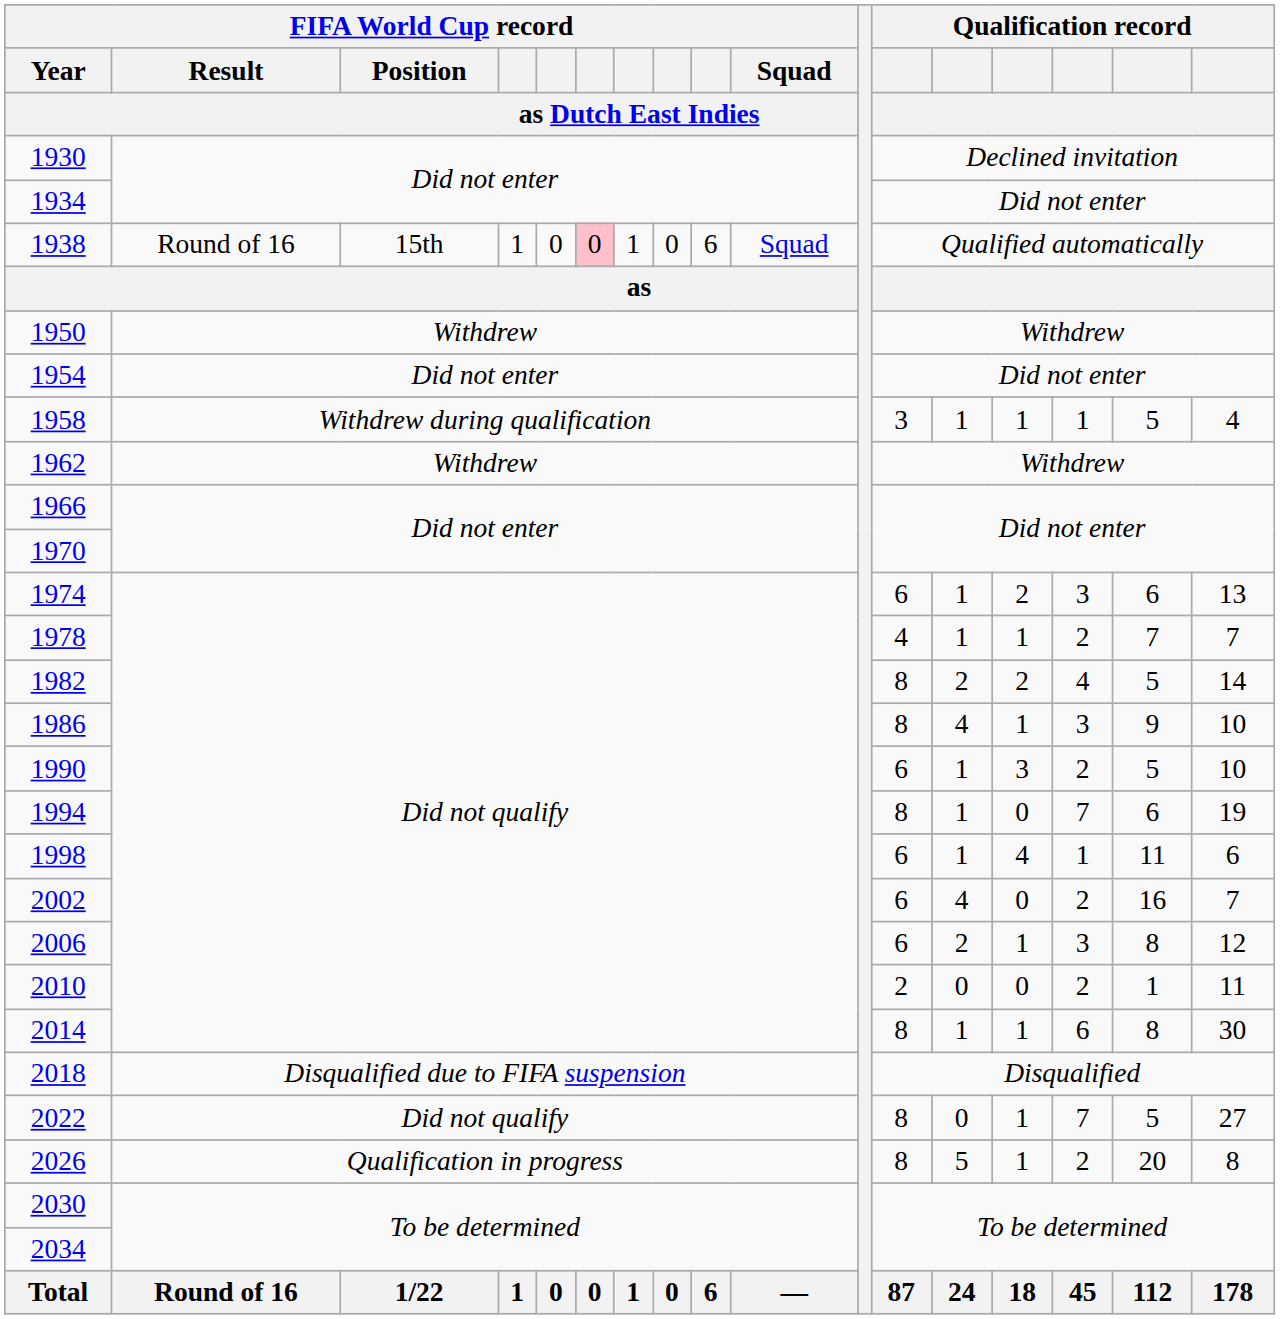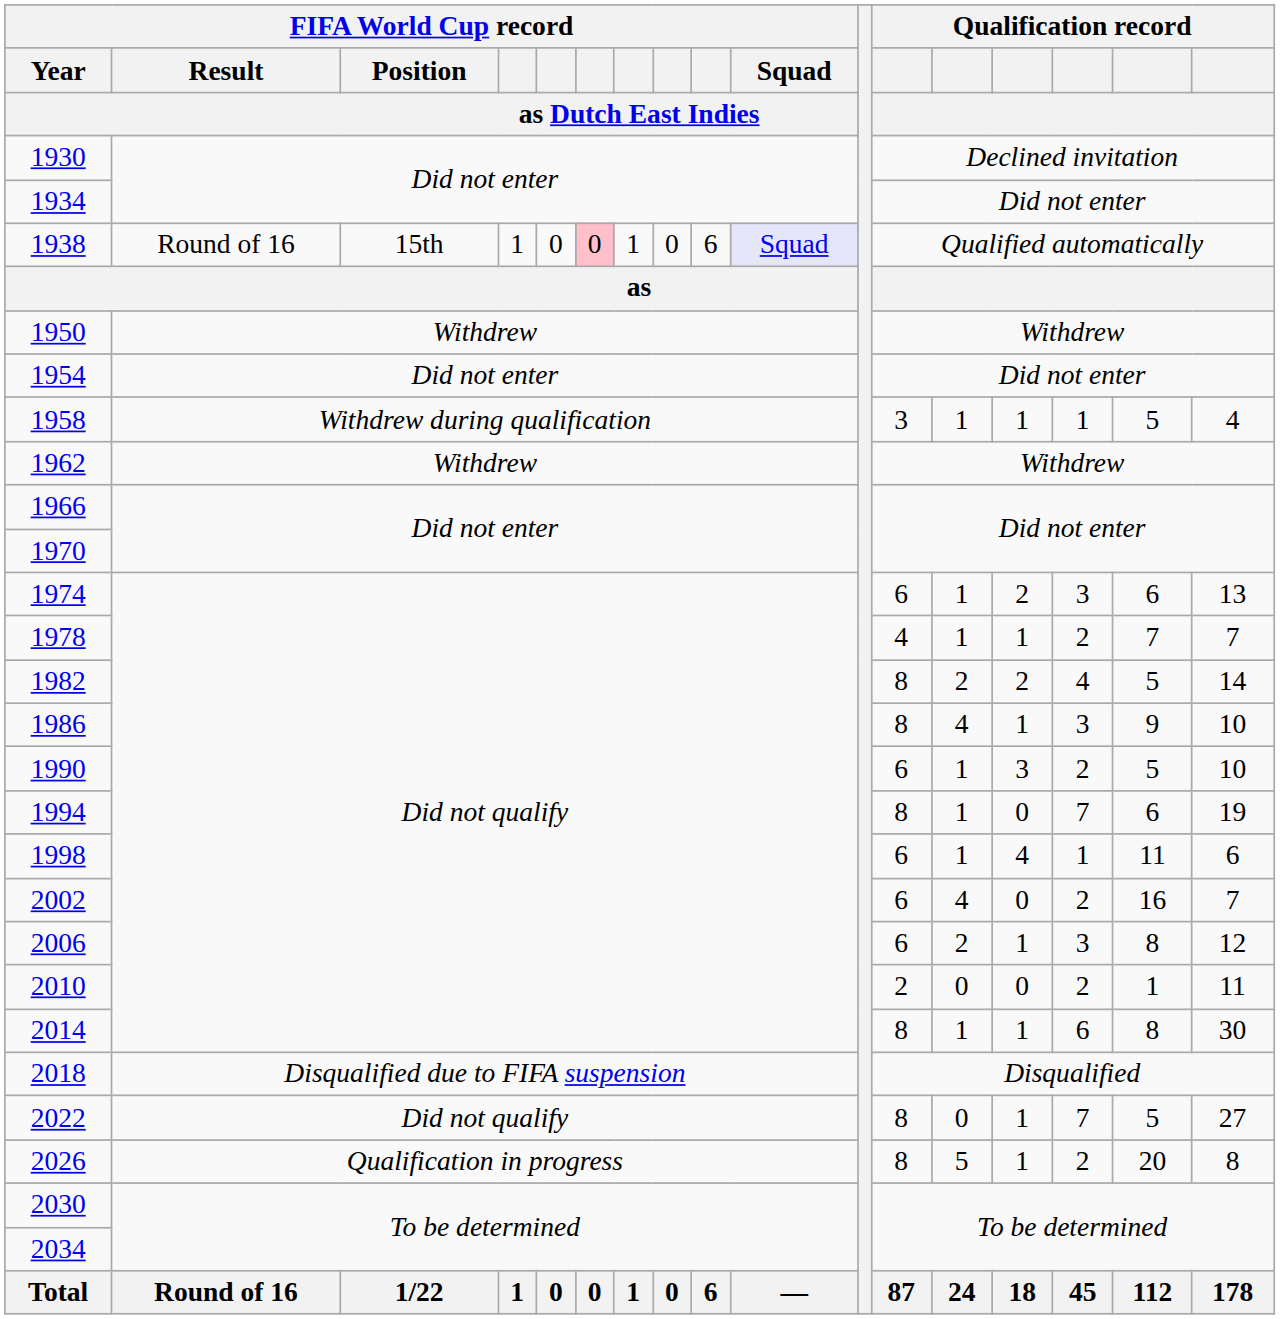 <table class="wikitable" style="text-align: center;">
 <tr>
 <th colspan=10><a href='#'>FIFA World Cup</a> record</th>
 <th style="width:1%;" rowspan=30></th>
 <th colspan=7>Qualification record</th>
 </tr>
 <tr>
 <th>Year</th>
 <th>Result</th>
 <th>Position</th>
 <th></th>
 <th></th>
 <th></th>
 <th></th>
 <th></th>
 <th></th>
 <th>Squad</th>
 <th></th>
 <th></th>
 <th></th>
 <th></th>
 <th></th>
 <th></th>
 </tr>
 <tr>
 <th colspan=17>as  <a href='#'>Dutch East Indies</a></th>
 </tr>
 <tr>
 <td> <a href='#'>1930</a></td>
 <td colspan=9 rowspan=2><em>Did not enter</em></td>
 <td colspan=7><em>Declined invitation</em></td>
 </tr>
 <tr>
 <td> <a href='#'>1934</a></td>
 <td colspan=7><em>Did not enter</em></td>
 </tr>
 <tr>
 <td> <a href='#'>1938</a></td>
 <td>Round of 16</td>
 <td>15th</td>
 <td>1</td>
 <td>0</td>
 <td style="background: pink;">0</td>
 <td>1</td>
 <td>0</td>
 <td>6</td>
-<td><a href='#'>Squad</a></td>
+<td style="background: lavender;"><a href='#'>Squad</a></td>
 <td colspan=7><em>Qualified automatically</em></td>
 </tr>
 <tr>
 <th colspan=17>as </th>
 </tr>
 <tr>
 <td> <a href='#'>1950</a></td>
 <td colspan=9><em>Withdrew</em></td>
 <td colspan=6><em>Withdrew</em></td>
 </tr>
 <tr>
 <td> <a href='#'>1954</a></td>
 <td colspan=9><em>Did not enter</em></td>
 <td colspan=6><em>Did not enter</em></td>
 </tr>
 <tr>
 <td> <a href='#'>1958</a></td>
 <td colspan=9><em>Withdrew during qualification</em></td>
 <td>3</td>
 <td>1</td>
 <td>1</td>
 <td>1</td>
 <td>5</td>
 <td>4</td>
 </tr>
 <tr>
 <td> <a href='#'>1962</a></td>
 <td colspan=9><em>Withdrew</em></td>
 <td colspan=7><em>Withdrew</em></td>
 </tr>
 <tr>
 <td> <a href='#'>1966</a></td>
 <td colspan=9 rowspan=2><em>Did not enter</em></td>
 <td colspan=7 rowspan=2><em>Did not enter</em></td>
 </tr>
 <tr>
 <td> <a href='#'>1970</a></td>
 </tr>
 <tr>
 <td> <a href='#'>1974</a></td>
 <td colspan=9 rowspan=11><em>Did not qualify</em></td>
 <td>6</td>
 <td>1</td>
 <td>2</td>
 <td>3</td>
 <td>6</td>
 <td>13</td>
 </tr>
 <tr>
 <td> <a href='#'>1978</a></td>
 <td>4</td>
 <td>1</td>
 <td>1</td>
 <td>2</td>
 <td>7</td>
 <td>7</td>
 </tr>
 <tr>
 <td> <a href='#'>1982</a></td>
 <td>8</td>
 <td>2</td>
 <td>2</td>
 <td>4</td>
 <td>5</td>
 <td>14</td>
 </tr>
 <tr>
 <td> <a href='#'>1986</a></td>
 <td>8</td>
 <td>4</td>
 <td>1</td>
 <td>3</td>
 <td>9</td>
 <td>10</td>
 </tr>
 <tr>
 <td> <a href='#'>1990</a></td>
 <td>6</td>
 <td>1</td>
 <td>3</td>
 <td>2</td>
 <td>5</td>
 <td>10</td>
 </tr>
 <tr>
 <td> <a href='#'>1994</a></td>
 <td>8</td>
 <td>1</td>
 <td>0</td>
 <td>7</td>
 <td>6</td>
 <td>19</td>
 </tr>
 <tr>
 <td> <a href='#'>1998</a></td>
 <td>6</td>
 <td>1</td>
 <td>4</td>
 <td>1</td>
 <td>11</td>
 <td>6</td>
 </tr>
 <tr>
 <td>  <a href='#'>2002</a></td>
 <td>6</td>
 <td>4</td>
 <td>0</td>
 <td>2</td>
 <td>16</td>
 <td>7</td>
 </tr>
 <tr>
 <td> <a href='#'>2006</a></td>
 <td>6</td>
 <td>2</td>
 <td>1</td>
 <td>3</td>
 <td>8</td>
 <td>12</td>
 </tr>
 <tr>
 <td> <a href='#'>2010</a></td>
 <td>2</td>
 <td>0</td>
 <td>0</td>
 <td>2</td>
 <td>1</td>
 <td>11</td>
 </tr>
 <tr>
 <td> <a href='#'>2014</a></td>
 <td>8</td>
 <td>1</td>
 <td>1</td>
 <td>6</td>
 <td>8</td>
 <td>30</td>
 </tr>
 <tr>
 <td> <a href='#'>2018</a></td>
 <td colspan=9><em>Disqualified due to FIFA <a href='#'>suspension</a></em></td>
 <td colspan=7><em>Disqualified</em></td>
 </tr>
 <tr>
 <td> <a href='#'>2022</a></td>
 <td colspan=9><em>Did not qualify</em></td>
 <td>8</td>
 <td>0</td>
 <td>1</td>
 <td>7</td>
 <td>5</td>
 <td>27</td>
 </tr>
 <tr>
 <td>   <a href='#'>2026</a></td>
 <td colspan=9><em>Qualification in progress</em></td>
 <td>8</td>
 <td>5</td>
 <td>1</td>
 <td>2</td>
 <td>20</td>
 <td>8</td>
 </tr>
 <tr>
 <td>   <a href='#'>2030</a></td>
 <td colspan=9 rowspan=2><em>To be determined</em></td>
 <td colspan=6 rowspan=2><em>To be determined</em></td>
 </tr>
 <tr>
 <td> <a href='#'>2034</a></td>
 </tr>
 <tr>
 <th><strong>Total</strong></th>
 <th><strong>Round of 16</strong></th>
 <th><strong>1/22</strong></th>
 <th><strong>1</strong></th>
 <th><strong>0</strong></th>
 <th><strong>0</strong></th>
 <th><strong>1</strong></th>
 <th><strong>0</strong></th>
 <th><strong>6</strong></th>
 <th>—</th>
 <th><strong>87</strong></th>
 <th><strong>24</strong></th>
 <th><strong>18</strong></th>
 <th><strong>45</strong></th>
 <th><strong>112</strong></th>
 <th><strong>178</strong></th>
 </tr>
 </table>
